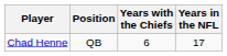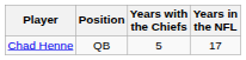 <table class="wikitable" style="text-align:center">
 <tr>
 <th>Player</th>
 <th>Position</th>
 <th>Years with<br>the Chiefs</th>
 <th>Years in<br>the NFL</th>
 </tr>
 <tr>
 <td><a href='#'>Chad Henne</a></td>
 <td>QB</td>
-<td>6</td>
+<td>5</td>
 <td>17</td>
 </tr>
 </table>
